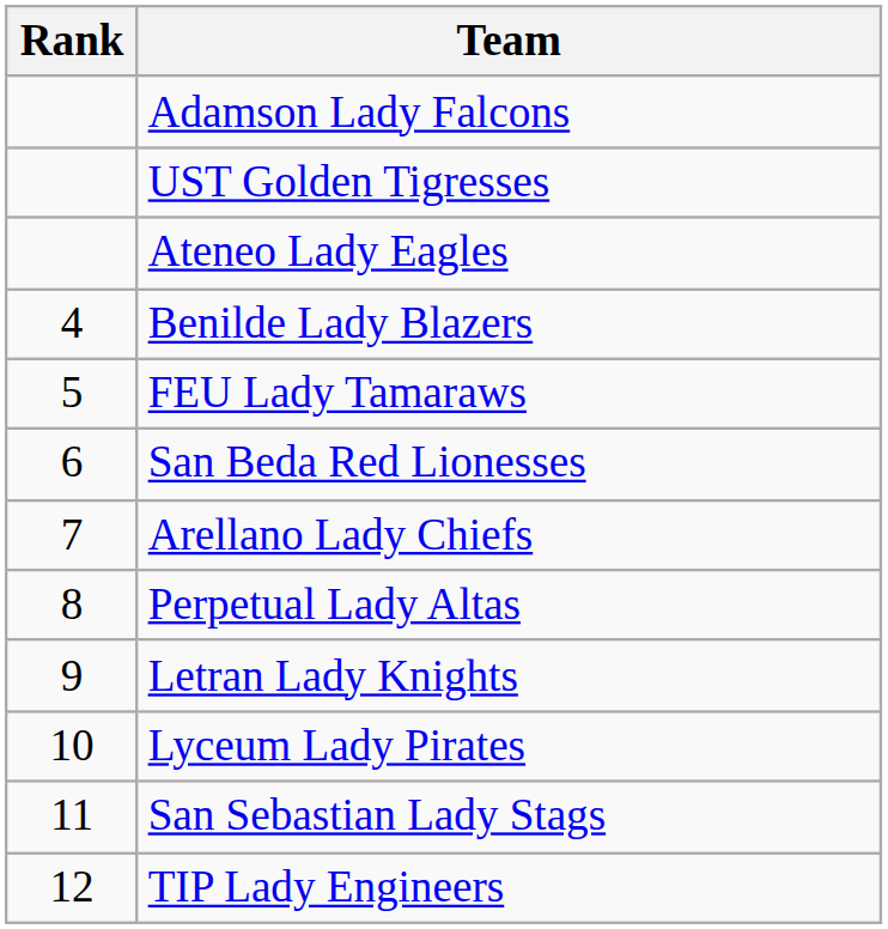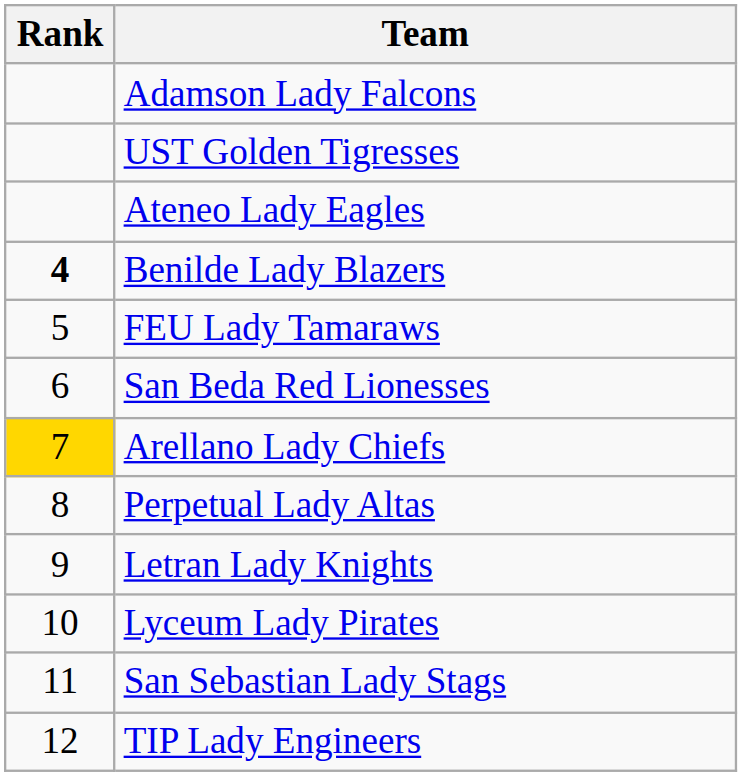 <table class="wikitable" style="text-align: center">
 <tr>
 <th width=40>Rank</th>
 <th width=260>Team</th>
 </tr>
 <tr>
 <td></td>
 <td align="left"><a href='#'>Adamson Lady Falcons</a></td>
 </tr>
 <tr>
 <td></td>
 <td align="left"><a href='#'>UST Golden Tigresses</a></td>
 </tr>
 <tr>
 <td></td>
 <td align="left"><a href='#'>Ateneo Lady Eagles</a></td>
 </tr>
 <tr>
-<td>4</td>
+<td><strong>4</strong></td>
 <td align="left"><a href='#'>Benilde Lady Blazers</a></td>
 </tr>
 <tr>
 <td>5</td>
 <td align="left"><a href='#'>FEU Lady Tamaraws</a></td>
 </tr>
 <tr>
 <td>6</td>
 <td align="left"><a href='#'>San Beda Red Lionesses</a></td>
 </tr>
 <tr>
-<td>7</td>
+<td style="background: gold;">7</td>
 <td align="left"><a href='#'>Arellano Lady Chiefs</a></td>
 </tr>
 <tr>
 <td>8</td>
 <td align="left"><a href='#'>Perpetual Lady Altas</a></td>
 </tr>
 <tr>
 <td>9</td>
 <td align="left"><a href='#'>Letran Lady Knights</a></td>
 </tr>
 <tr>
 <td>10</td>
 <td align="left"><a href='#'>Lyceum Lady Pirates</a></td>
 </tr>
 <tr>
 <td>11</td>
 <td align="left"><a href='#'>San Sebastian Lady Stags</a></td>
 </tr>
 <tr>
 <td>12</td>
 <td align="left"><a href='#'>TIP Lady Engineers</a></td>
 </tr>
 </table>
